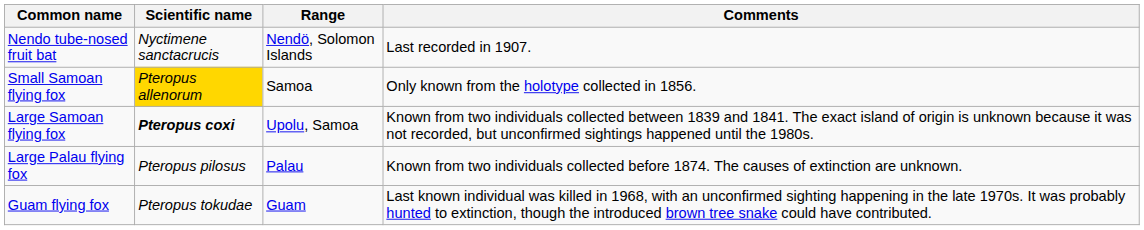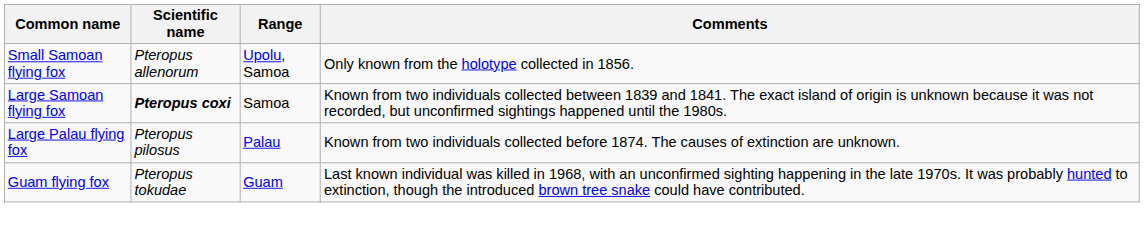 <table class="wikitable">
 <tr>
 <th>Common name</th>
 <th>Scientific name</th>
 <th>Range</th>
 <th class="unsortable">Comments</th>
 </tr>
 <tr>
-<td><a href='#'>Nendo tube-nosed fruit bat</a></td>
-<td><em>Nyctimene sanctacrucis</em></td>
-<td><a href='#'>Nendö</a>, Solomon Islands</td>
-<td>Last recorded in 1907.</td>
-</tr>
-<tr>
 <td><a href='#'>Small Samoan flying fox</a></td>
-<td style="background: gold;"><em>Pteropus allenorum</em></td>
-<td>Samoa</td>
+<td><em>Pteropus allenorum</em></td>
+<td><a href='#'>Upolu</a>, Samoa</td>
 <td>Only known from the <a href='#'>holotype</a> collected in 1856.</td>
 </tr>
 <tr>
 <td><a href='#'>Large Samoan flying fox</a></td>
 <td><strong><em>Pteropus coxi</em></strong></td>
-<td><a href='#'>Upolu</a>, Samoa</td>
+<td>Samoa</td>
 <td>Known from two individuals collected between 1839 and 1841. The exact island of origin is unknown because it was not recorded, but unconfirmed sightings happened until the 1980s.</td>
 </tr>
 <tr>
 <td><a href='#'>Large Palau flying fox</a></td>
 <td><em>Pteropus pilosus</em></td>
 <td><a href='#'>Palau</a></td>
 <td>Known from two individuals collected before 1874. The causes of extinction are unknown.</td>
 </tr>
 <tr>
 <td><a href='#'>Guam flying fox</a></td>
 <td><em>Pteropus tokudae</em></td>
 <td><a href='#'>Guam</a></td>
 <td>Last known individual was killed in 1968, with an unconfirmed sighting happening in the late 1970s. It was probably <a href='#'>hunted</a> to extinction, though the introduced <a href='#'>brown tree snake</a> could have contributed.</td>
 </tr>
 </table>
